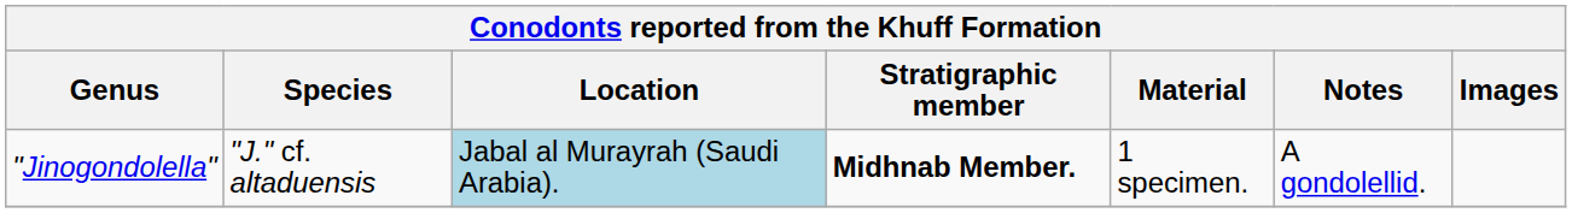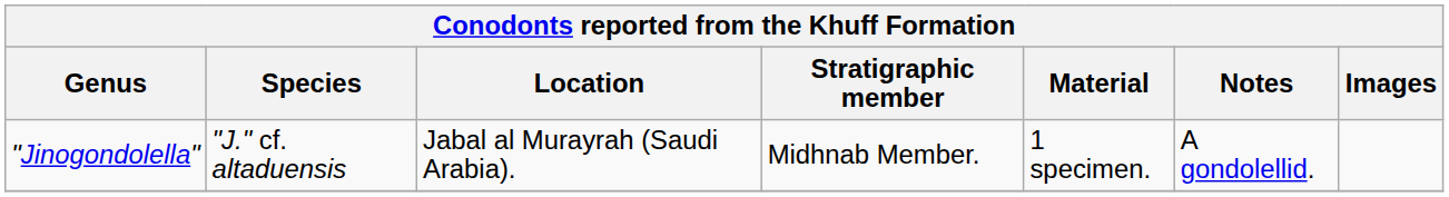 <table class="wikitable" align="center">
 <tr>
 <th colspan="7" align="center"><strong><a href='#'>Conodonts</a> reported from the Khuff Formation</strong></th>
 </tr>
 <tr>
 <th>Genus</th>
 <th>Species</th>
 <th>Location</th>
 <th><strong>Stratigraphic member</strong></th>
 <th><strong>Material</strong></th>
 <th>Notes</th>
 <th>Images</th>
 </tr>
 <tr>
 <td><em>"<a href='#'>Jinogondolella</a>"</em></td>
 <td><em>"J."</em> cf. <em>altaduensis</em></td>
-<td style="background: lightblue;">Jabal al Murayrah (Saudi Arabia).</td>
-<td><strong>Midhnab Member.</strong></td>
+<td>Jabal al Murayrah (Saudi Arabia).</td>
+<td>Midhnab Member.</td>
 <td>1 specimen.</td>
 <td>A <a href='#'>gondolellid</a>.</td>
 <td></td>
 </tr>
 <tr>
 </tr>
 </table>
